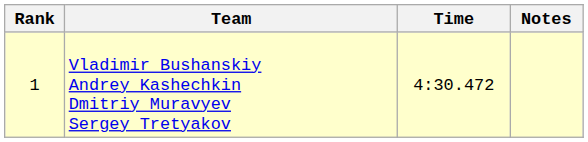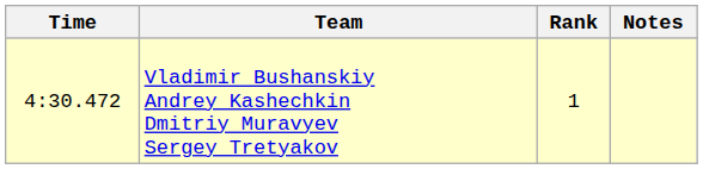 <table class=wikitable style="text-align:center">
 <tr>
+<th width=80>Time</th>
+<th width=250>Team</th>
 <th width=40>Rank</th>
-<th width=250>Team</th>
-<th width=80>Time</th>
 <th width=50>Notes</th>
 </tr>
 <tr bgcolor="ffffcc">
+<td>4:30.472</td>
+<td align=left><br><a href='#'>Vladimir Bushanskiy</a><br><a href='#'>Andrey Kashechkin</a><br><a href='#'>Dmitriy Muravyev</a><br><a href='#'>Sergey Tretyakov</a></td>
 <td>1</td>
-<td align=left><br><a href='#'>Vladimir Bushanskiy</a><br><a href='#'>Andrey Kashechkin</a><br><a href='#'>Dmitriy Muravyev</a><br><a href='#'>Sergey Tretyakov</a></td>
-<td>4:30.472</td>
 <td></td>
 </tr>
 </table>
